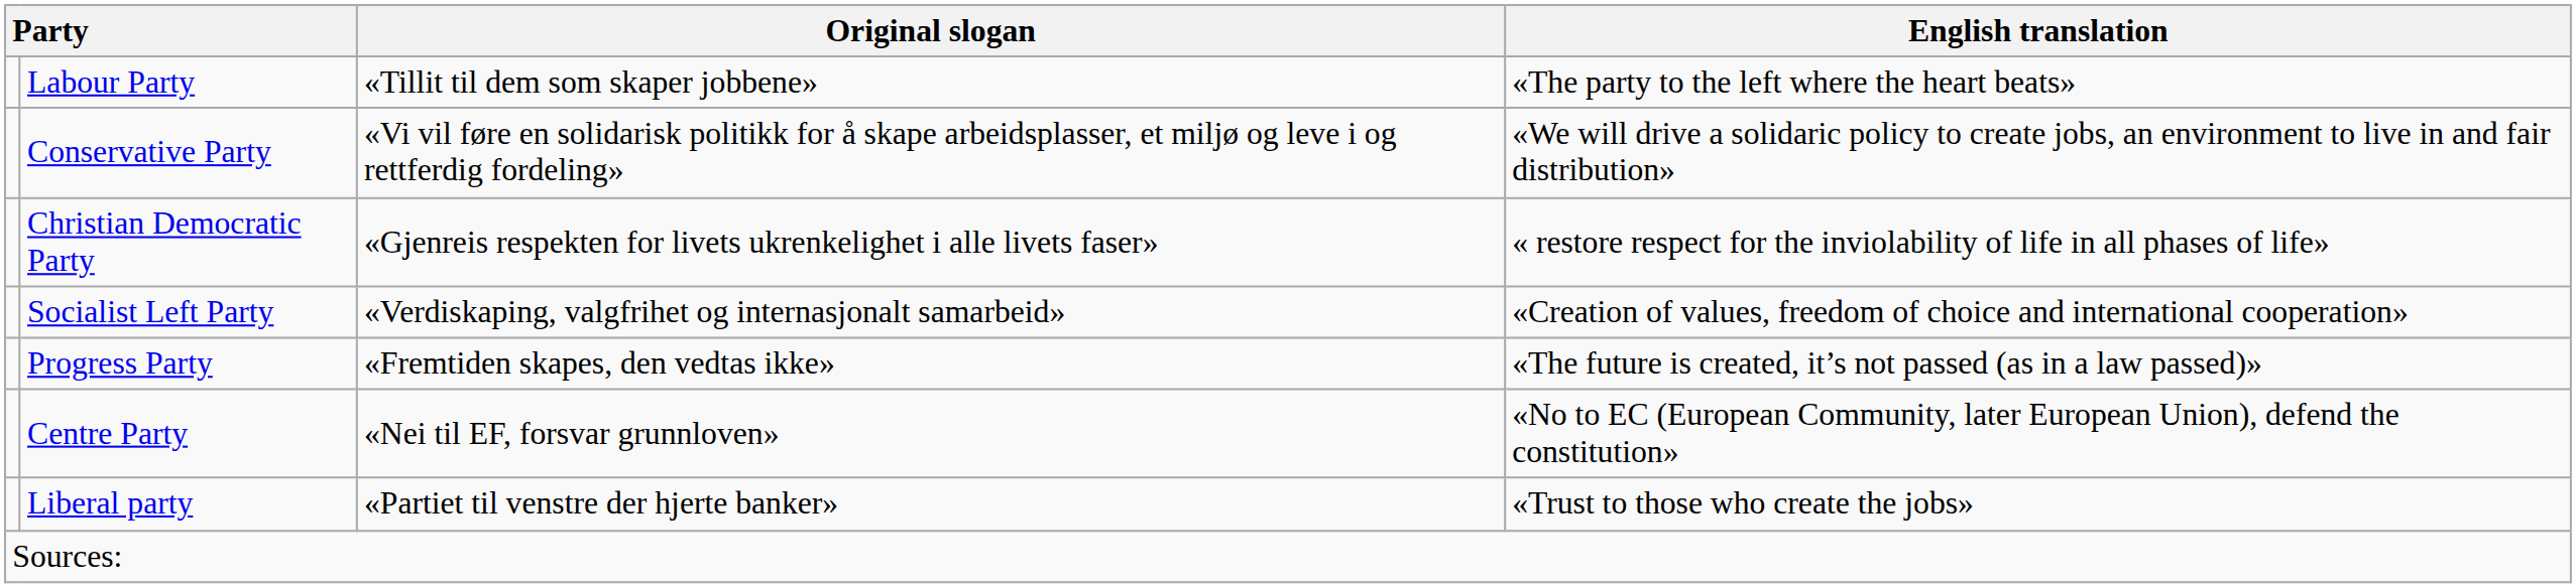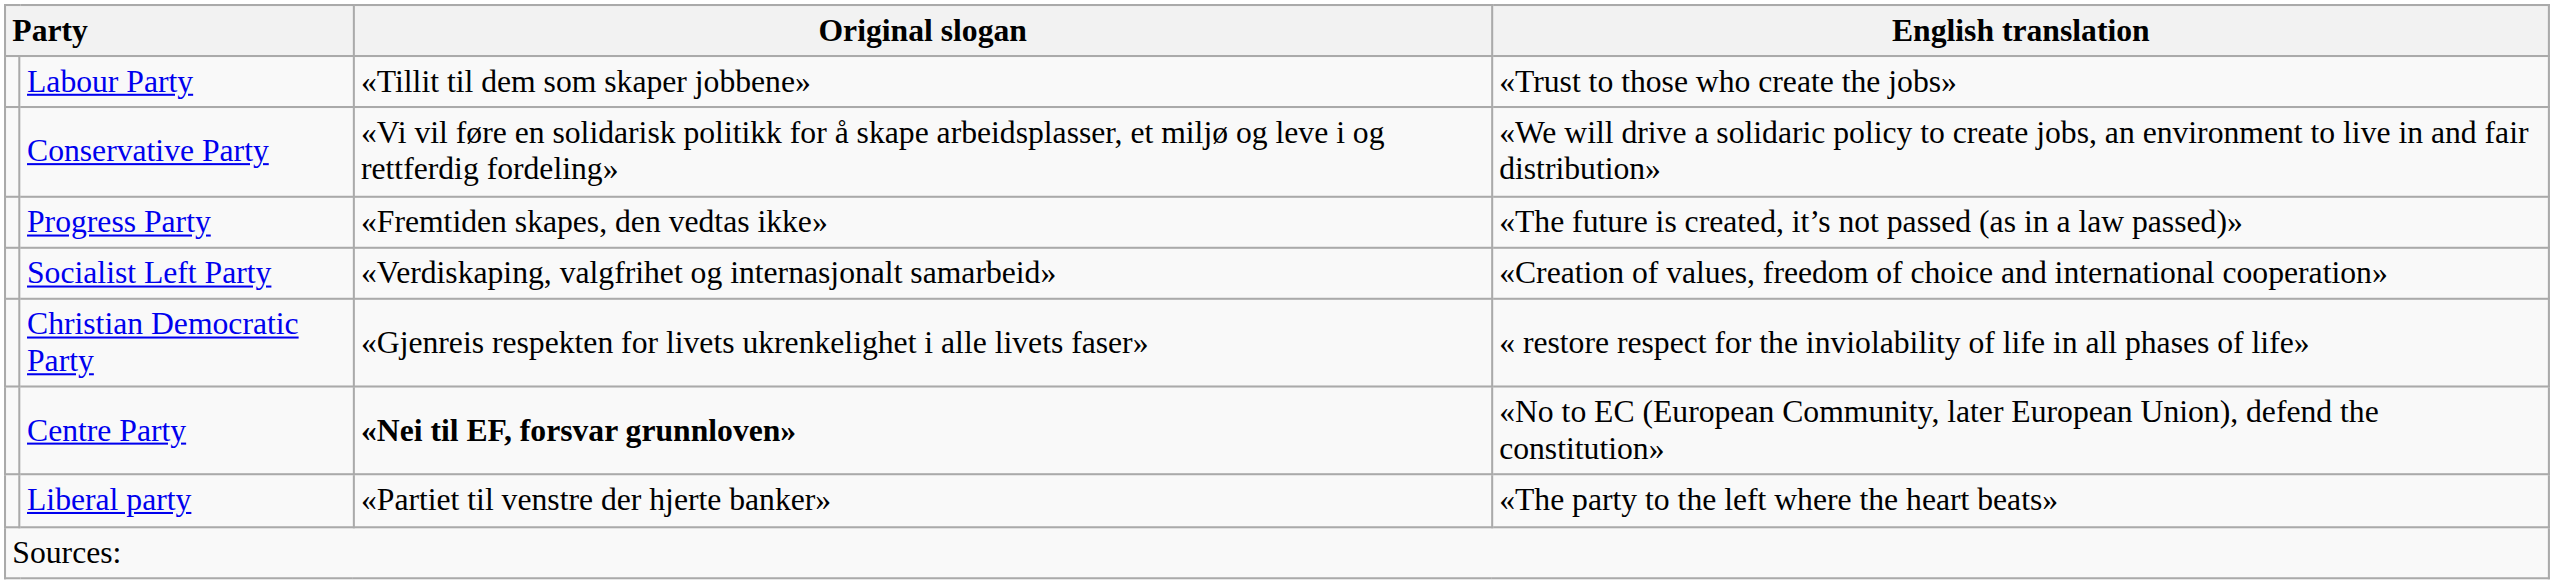 <table class="wikitable" style="font-size:97%; text-align:left">
 <tr>
 <th colspan="2" style="text-align:left;">Party</th>
 <th>Original slogan</th>
 <th>English translation</th>
 </tr>
 <tr>
 <td style="background:"></td>
 <td><a href='#'>Labour Party</a></td>
 <td>«Tillit til dem som skaper jobbene»</td>
-<td>«The party to the left where the heart beats»</td>
+<td>«Trust to those who create the jobs»</td>
 </tr>
 <tr>
 <td style="background:"></td>
 <td><a href='#'>Conservative Party</a></td>
 <td>«Vi vil føre en solidarisk politikk for å skape arbeidsplasser, et miljø og leve i og rettferdig fordeling»</td>
 <td>«We will  drive a solidaric policy to create jobs, an environment to live in and fair distribution»</td>
 </tr>
 <tr>
 <td style="background:"></td>
-<td><a href='#'>Christian Democratic Party</a></td>
-<td>«Gjenreis respekten for livets ukrenkelighet i alle livets faser»</td>
-<td>« restore respect for the inviolability of life in all phases of life»</td>
+<td><a href='#'>Progress Party</a></td>
+<td>«Fremtiden skapes, den vedtas ikke»</td>
+<td>«The future is created, it’s not passed (as in a law passed)»</td>
 </tr>
 <tr>
 <td style="background:"></td>
 <td><a href='#'>Socialist Left Party</a></td>
 <td>«Verdiskaping, valgfrihet og internasjonalt samarbeid»</td>
 <td>«Creation of values, freedom of choice and international cooperation»</td>
 </tr>
 <tr>
 <td style="background:"></td>
-<td><a href='#'>Progress Party</a></td>
-<td>«Fremtiden skapes, den vedtas ikke»</td>
-<td>«The future is created, it’s not passed (as in a law passed)»</td>
+<td><a href='#'>Christian Democratic Party</a></td>
+<td>«Gjenreis respekten for livets ukrenkelighet i alle livets faser»</td>
+<td>« restore respect for the inviolability of life in all phases of life»</td>
 </tr>
 <tr>
 <td style="background:"></td>
 <td><a href='#'>Centre Party</a></td>
-<td>«Nei til EF, forsvar grunnloven»</td>
+<td><strong>«Nei til EF, forsvar grunnloven»</strong></td>
 <td>«No to EC (European Community, later European Union), defend the constitution»</td>
 </tr>
 <tr>
 <td style="background:"></td>
 <td><a href='#'>Liberal party</a></td>
 <td>«Partiet til venstre der hjerte banker»</td>
-<td>«Trust to those who create the jobs»</td>
+<td>«The party to the left where the heart beats»</td>
 </tr>
 <tr>
 <td colspan="4">Sources: </td>
 </tr>
 </table>
